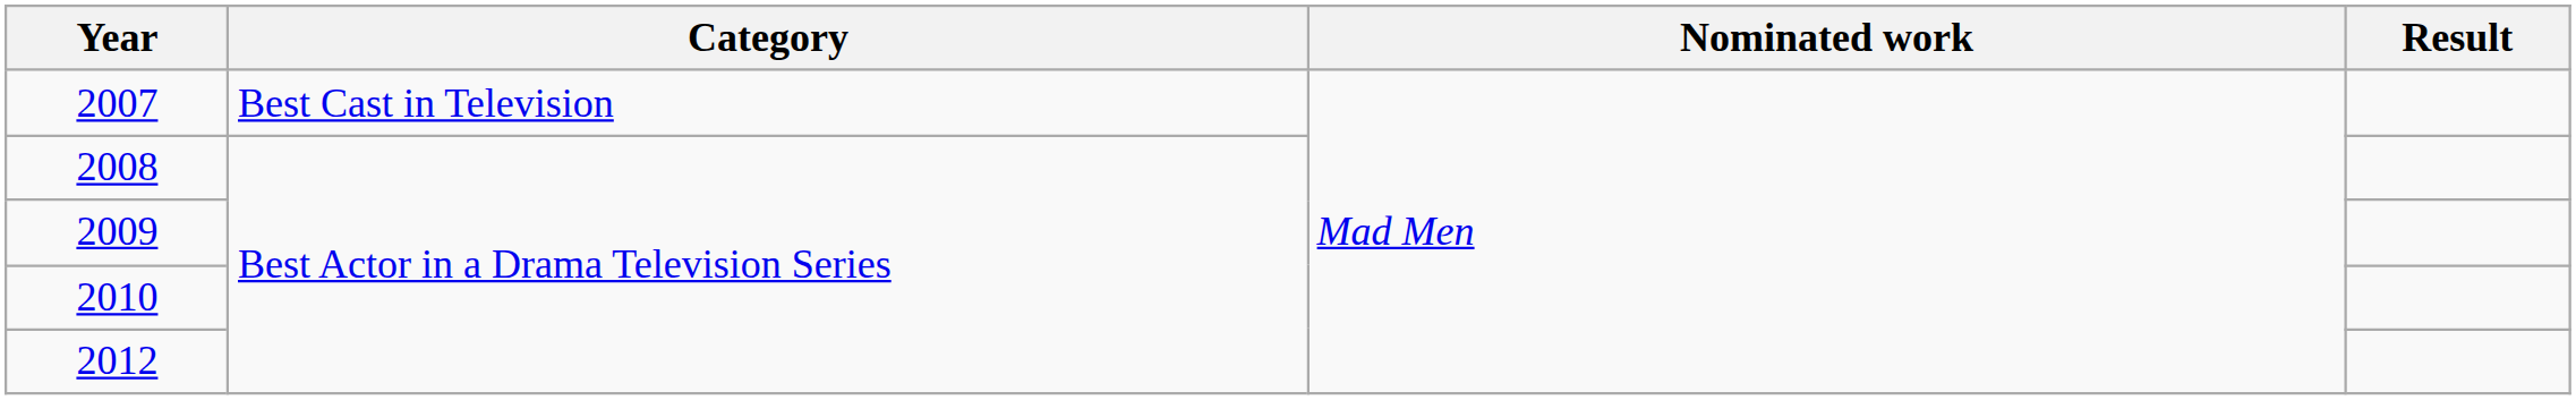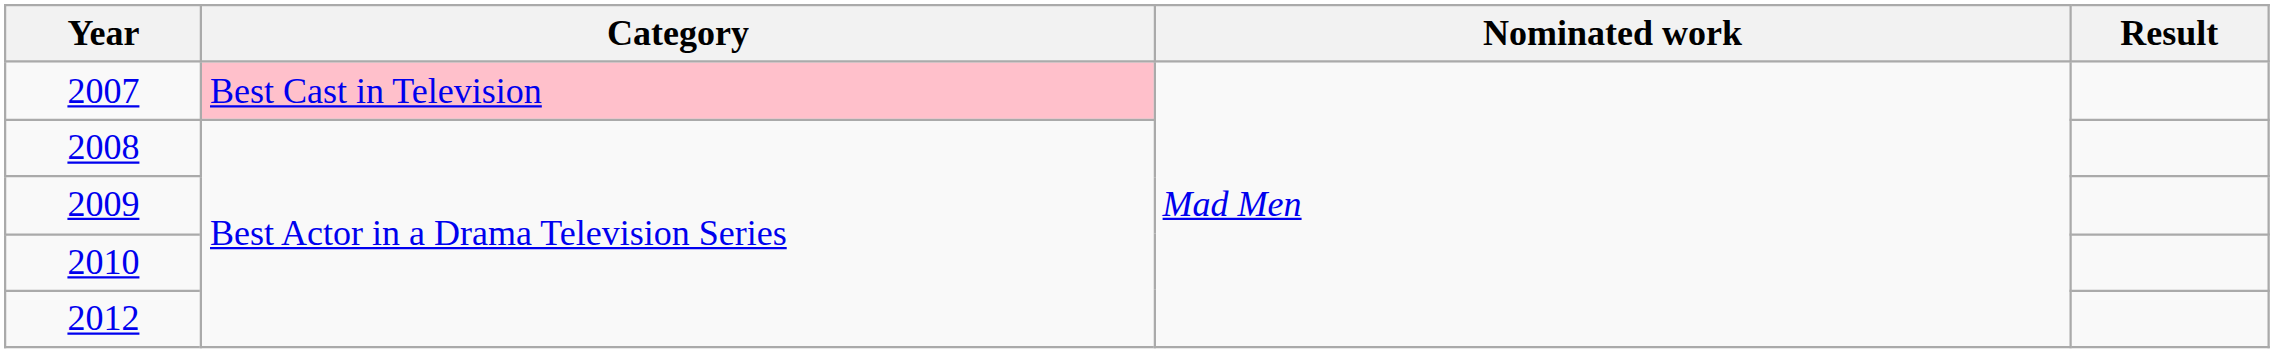 <table class=wikitable>
 <tr>
 <th scope="col" style="width:5em;">Year</th>
 <th scope="col" style="width:26em;">Category</th>
 <th scope="col" style="width:25em;">Nominated work</th>
 <th scope="col" style="width:5em;">Result</th>
 </tr>
 <tr>
 <td style="text-align:center;"><a href='#'>2007</a></td>
-<td><a href='#'>Best Cast in Television</a></td>
+<td style="background: pink;"><a href='#'>Best Cast in Television</a></td>
 <td rowspan="5"><em><a href='#'>Mad Men</a></em></td>
 <td></td>
 </tr>
 <tr>
 <td style="text-align:center;"><a href='#'>2008</a></td>
 <td rowspan="4"><a href='#'>Best Actor in a Drama Television Series</a></td>
 <td></td>
 </tr>
 <tr>
 <td style="text-align:center;"><a href='#'>2009</a></td>
 <td></td>
 </tr>
 <tr>
 <td style="text-align:center;"><a href='#'>2010</a></td>
 <td></td>
 </tr>
 <tr>
 <td style="text-align:center;"><a href='#'>2012</a></td>
 <td></td>
 </tr>
 </table>
